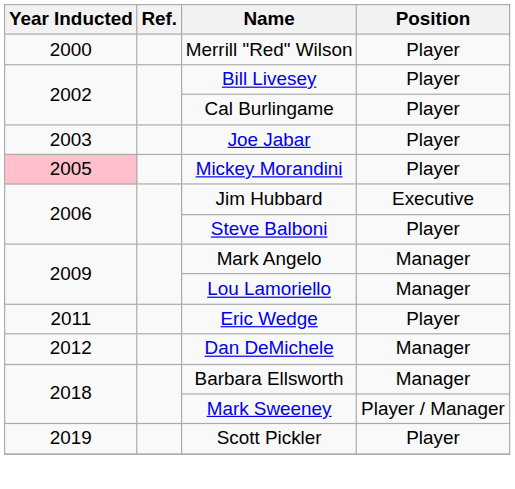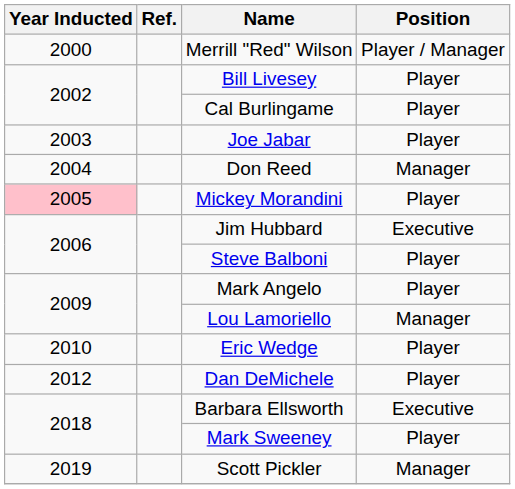 <table class="wikitable" style="text-align:center">
 <tr>
 <th>Year Inducted</th>
 <th>Ref.</th>
 <th>Name</th>
 <th>Position</th>
 </tr>
 <tr>
 <td>2000</td>
 <td></td>
 <td>Merrill "Red" Wilson</td>
-<td>Player</td>
+<td>Player / Manager</td>
 </tr>
 <tr>
 <td rowspan="2">2002</td>
 <td rowspan="2"></td>
 <td><a href='#'>Bill Livesey</a></td>
 <td>Player</td>
 </tr>
 <tr>
 <td>Cal Burlingame</td>
 <td>Player</td>
 </tr>
 <tr>
 <td>2003</td>
 <td></td>
 <td><a href='#'>Joe Jabar</a></td>
 <td>Player</td>
+</tr>
+<tr>
+<td>2004</td>
+<td></td>
+<td>Don Reed</td>
+<td>Manager</td>
 </tr>
 <tr>
 <td style="background: pink;">2005</td>
 <td></td>
 <td><a href='#'>Mickey Morandini</a></td>
 <td>Player</td>
 </tr>
 <tr>
 <td rowspan="2">2006</td>
 <td rowspan="2"></td>
 <td>Jim Hubbard</td>
 <td>Executive</td>
 </tr>
 <tr>
 <td><a href='#'>Steve Balboni</a></td>
 <td>Player</td>
 </tr>
 <tr>
 <td rowspan="2">2009</td>
 <td rowspan="2"></td>
 <td>Mark Angelo</td>
-<td>Manager</td>
+<td>Player</td>
 </tr>
 <tr>
 <td><a href='#'>Lou Lamoriello</a></td>
 <td>Manager</td>
 </tr>
 <tr>
-<td>2011</td>
+<td>2010</td>
 <td></td>
 <td><a href='#'>Eric Wedge</a></td>
 <td>Player</td>
 </tr>
 <tr>
 <td>2012</td>
 <td></td>
 <td><a href='#'>Dan DeMichele</a></td>
-<td>Manager</td>
+<td>Player</td>
 </tr>
 <tr>
 <td rowspan="2">2018</td>
 <td rowspan="2"></td>
 <td>Barbara Ellsworth</td>
-<td>Manager</td>
+<td>Executive</td>
 </tr>
 <tr>
 <td><a href='#'>Mark Sweeney</a></td>
-<td>Player / Manager</td>
+<td>Player</td>
 </tr>
 <tr>
 <td>2019</td>
 <td></td>
 <td>Scott Pickler</td>
-<td>Player</td>
+<td>Manager</td>
 </tr>
 <tr>
 </tr>
 </table>
